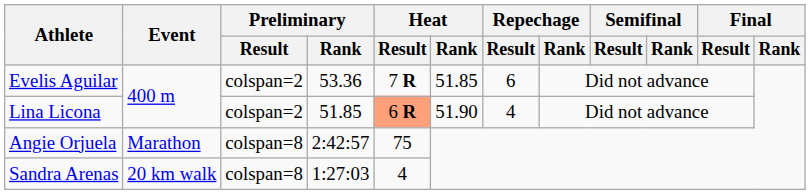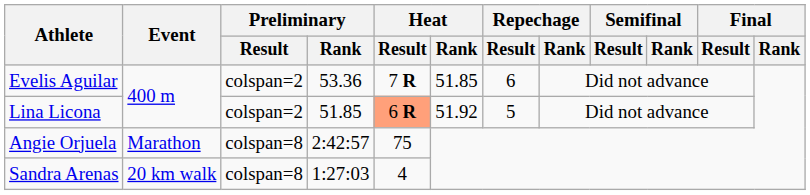 <table class="wikitable" style="font-size:90%">
 <tr>
 <th rowspan="2">Athlete</th>
 <th rowspan="2">Event</th>
 <th colspan="2">Preliminary</th>
 <th colspan="2">Heat</th>
 <th colspan="2">Repechage</th>
 <th colspan="2">Semifinal</th>
 <th colspan="2">Final</th>
 </tr>
 <tr style="font-size:95%">
 <th>Result</th>
 <th>Rank</th>
 <th>Result</th>
 <th>Rank</th>
 <th>Result</th>
 <th>Rank</th>
 <th>Result</th>
 <th>Rank</th>
 <th>Result</th>
 <th>Rank</th>
 </tr>
 <tr align=center>
 <td align=left><a href='#'>Evelis Aguilar</a></td>
 <td align=left rowspan=2><a href='#'>400 m</a></td>
 <td>colspan=2 </td>
 <td>53.36</td>
 <td>7 <strong>R</strong></td>
 <td>51.85 <strong></strong></td>
 <td>6</td>
 <td Colspan=4>Did not advance</td>
 </tr>
 <tr align=center>
 <td align=left><a href='#'>Lina Licona</a></td>
 <td>colspan=2 </td>
 <td>51.85</td>
 <td style="background: lightsalmon;">6 <strong>R</strong></td>
-<td>51.90</td>
-<td>4</td>
+<td>51.92</td>
+<td>5</td>
 <td Colspan=4>Did not advance</td>
 </tr>
 <tr align=center>
 <td align=left><a href='#'>Angie Orjuela</a></td>
 <td align=left><a href='#'>Marathon</a></td>
 <td>colspan=8 </td>
 <td>2:42:57 <strong></strong></td>
 <td>75</td>
 </tr>
 <tr align=center>
 <td align=left><a href='#'>Sandra Arenas</a></td>
 <td align=left><a href='#'>20 km walk</a></td>
 <td>colspan=8 </td>
 <td>1:27:03 <strong></strong></td>
 <td>4</td>
 </tr>
 </table>
